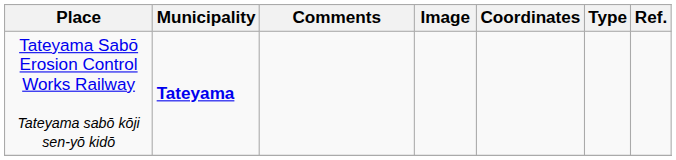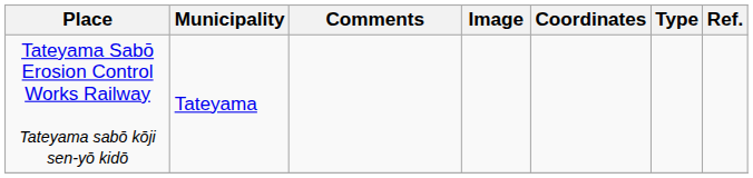 <table class="wikitable sortable"  style="width:100%;">
 <tr>
 <th width="30%" align="left">Place</th>
 <th width="10%" align="left">Municipality</th>
 <th width="30%" align="left" class="unsortable">Comments</th>
 <th width="10%" align="left"  class="unsortable">Image</th>
 <th width="10%" align="left" class="unsortable">Coordinates</th>
 <th width="5%" align="left">Type</th>
 <th width="5%" align="left"  class="unsortable">Ref.</th>
 </tr>
 <tr>
 <td align="center"><a href='#'>Tateyama Sabō Erosion Control Works Railway</a><br><br><small><em>Tateyama sabō kōji sen-yō kidō</em></small></td>
-<td><strong><a href='#'>Tateyama</a></strong></td>
+<td><a href='#'>Tateyama</a></td>
 <td></td>
 <td></td>
 <td></td>
 <td></td>
 <td></td>
 </tr>
 <tr>
 </tr>
 </table>
